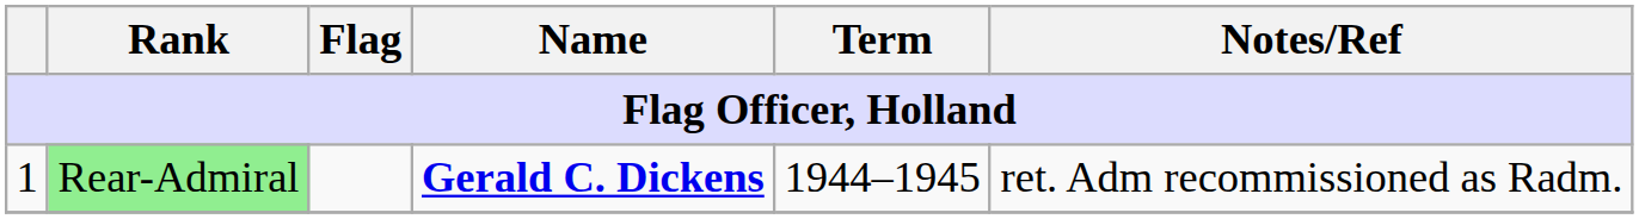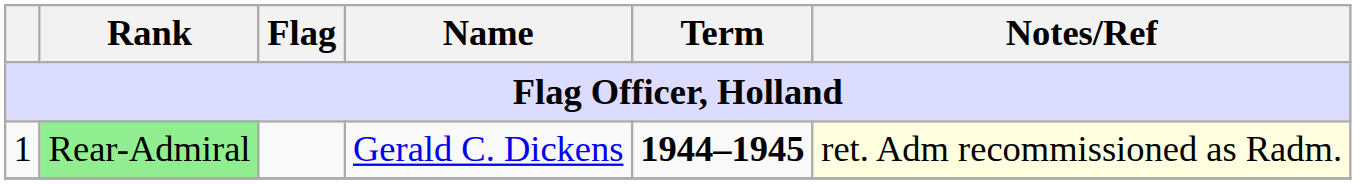 <table class="wikitable">
 <tr>
 <th></th>
 <th>Rank</th>
 <th>Flag</th>
 <th>Name</th>
 <th>Term</th>
 <th>Notes/Ref</th>
 </tr>
 <tr>
 <td colspan="6" align="center" style="background:#dcdcfe;"><strong>Flag Officer, Holland</strong></td>
 </tr>
 <tr>
 <td>1</td>
 <td style="background: lightgreen;">Rear-Admiral</td>
 <td></td>
-<td><strong><a href='#'>Gerald C. Dickens</a></strong></td>
-<td>1944–1945</td>
-<td> ret. Adm recommissioned as Radm.</td>
+<td><a href='#'>Gerald C. Dickens</a></td>
+<td><strong>1944–1945</strong></td>
+<td style="background: lightyellow;"> ret. Adm recommissioned as Radm.</td>
 </tr>
 <tr>
 </tr>
 </table>
